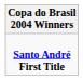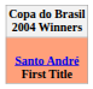 <table class="wikitable" style="text-align: center; margin: 0 auto;">
 <tr>
 <th>Copa do Brasil<br>2004 Winners</th>
 </tr>
 <tr>
-<td><br><strong><a href='#'>Santo André</a></strong><br><strong>First Title</strong></td>
+<td style="background: lightsalmon;"><br><strong><a href='#'>Santo André</a></strong><br><strong>First Title</strong></td>
 </tr>
 </table>
